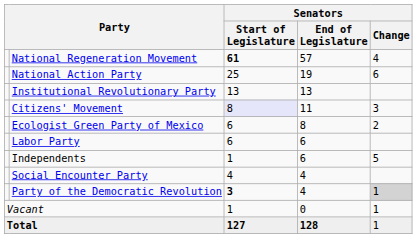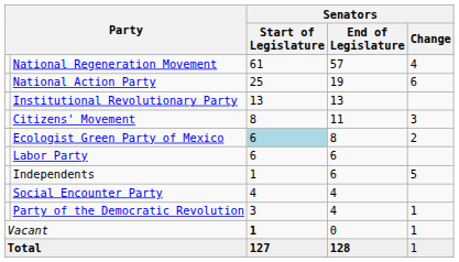 <table class="wikitable">
 <tr>
 <th colspan="2" rowspan="2"><strong>Party</strong></th>
 <th colspan="3">Senators</th>
 </tr>
 <tr style="background:#efefef;">
 <th>Start of<br>Legislature</th>
 <th>End of<br>Legislature</th>
 <th><strong>Change</strong></th>
 </tr>
 <tr>
 <td style="background:"></td>
 <td><a href='#'>National Regeneration Movement</a></td>
-<td><strong>61</strong></td>
+<td>61</td>
 <td>57</td>
 <td> 4</td>
 </tr>
 <tr>
 <td style="background:"></td>
 <td><a href='#'>National Action Party</a></td>
 <td>25</td>
 <td>19</td>
 <td> 6</td>
 </tr>
 <tr>
 <td style="background:"></td>
 <td><a href='#'>Institutional Revolutionary Party</a></td>
 <td>13</td>
 <td>13</td>
 <td></td>
 </tr>
 <tr>
 <td style="background:"></td>
 <td><a href='#'>Citizens' Movement</a></td>
-<td style="background: lavender;">8</td>
+<td>8</td>
 <td>11</td>
 <td> 3</td>
 </tr>
 <tr>
 <td style="background:"></td>
 <td><a href='#'>Ecologist Green Party of Mexico</a></td>
-<td>6</td>
+<td style="background: lightblue;">6</td>
 <td>8</td>
 <td> 2</td>
 </tr>
 <tr>
 <td style="background:"></td>
 <td><a href='#'>Labor Party</a></td>
 <td>6</td>
 <td>6</td>
 <td></td>
 </tr>
 <tr>
 <td style="background:"></td>
 <td>Independents</td>
 <td>1</td>
 <td>6</td>
 <td> 5</td>
 </tr>
 <tr>
 <td style="background:"></td>
 <td><a href='#'>Social Encounter Party</a></td>
 <td>4</td>
 <td>4</td>
 <td></td>
 </tr>
 <tr>
 <td style="background:"></td>
 <td><a href='#'>Party of the Democratic Revolution</a></td>
-<td><strong>3</strong></td>
+<td>3</td>
 <td>4</td>
-<td style="background: lightgrey;"> 1</td>
+<td> 1</td>
 </tr>
 <tr>
 <td colspan="2"><em>Vacant</em></td>
-<td>1</td>
+<td><strong>1</strong></td>
 <td>0</td>
 <td> 1</td>
 </tr>
 <tr style="background:#efefef;">
 <td colspan="2"><strong>Total</strong></td>
 <td><strong>127</strong></td>
 <td><strong>128</strong></td>
 <td> 1</td>
 </tr>
 </table>
